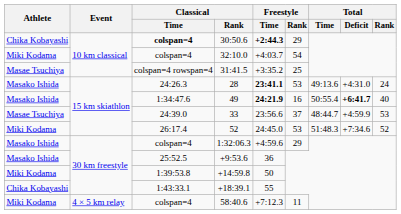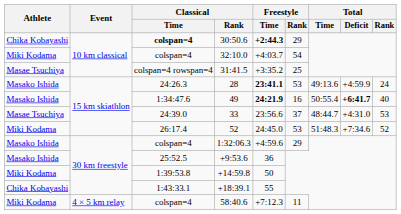 <table class=wikitable style=font-size:90%;text-align:center>
 <tr>
 <th rowspan=2>Athlete</th>
 <th rowspan=2>Event</th>
 <th colspan=2>Classical</th>
 <th colspan=2>Freestyle</th>
 <th colspan=3>Total</th>
 </tr>
 <tr style=font-size:95%>
 <th>Time</th>
 <th>Rank</th>
 <th>Time</th>
 <th>Rank</th>
 <th>Time</th>
 <th>Deficit</th>
 <th>Rank</th>
 </tr>
 <tr align=center>
 <td align=left><a href='#'>Chika Kobayashi</a></td>
 <td align=left rowspan=3><a href='#'>10 km classical</a></td>
 <td><strong>colspan=4</strong></td>
 <td>30:50.6</td>
 <td><strong>+2:44.3</strong></td>
 <td>29</td>
 </tr>
 <tr>
 <td align=left><a href='#'>Miki Kodama</a></td>
 <td>colspan=4</td>
 <td>32:10.0</td>
 <td>+4:03.7</td>
 <td>54</td>
 </tr>
 <tr>
 <td align=left><a href='#'>Masae Tsuchiya</a></td>
 <td>colspan=4 rowspan=4 </td>
 <td>31:41.5</td>
 <td>+3:35.2</td>
 <td>25</td>
 </tr>
 <tr>
 <td align=left><a href='#'>Masako Ishida</a></td>
 <td align=left rowspan=4><a href='#'>15 km skiathlon</a></td>
 <td>24:26.3</td>
 <td>28</td>
 <td><strong>23:41.1</strong></td>
 <td>53</td>
 <td>49:13.6</td>
-<td>+4:31.0</td>
+<td>+4:59.9</td>
 <td>24</td>
 </tr>
 <tr>
 <td align=left><a href='#'>Masako Ishida</a></td>
 <td>1:34:47.6</td>
 <td>49</td>
 <td><strong>24:21.9</strong></td>
 <td>16</td>
 <td>50:55.4</td>
 <td><strong>+6:41.7</strong></td>
 <td>40</td>
 </tr>
 <tr>
 <td align=left><a href='#'>Masae Tsuchiya</a></td>
 <td>24:39.0</td>
 <td>33</td>
 <td>23:56.6</td>
 <td>37</td>
 <td>48:44.7</td>
-<td>+4:59.9</td>
+<td>+4:31.0</td>
 <td>53</td>
 </tr>
 <tr>
 <td align=left><a href='#'>Miki Kodama</a></td>
 <td>26:17.4</td>
 <td>52</td>
 <td>24:45.0</td>
 <td>53</td>
 <td>51:48.3</td>
 <td>+7:34.6</td>
 <td>52</td>
 </tr>
 <tr>
 <td align=left><a href='#'>Masako Ishida</a></td>
 <td align=left rowspan=4><a href='#'>30 km freestyle</a></td>
 <td>colspan=4</td>
 <td>1:32:06.3</td>
 <td>+4:59.6</td>
 <td>29</td>
 </tr>
 <tr>
 <td align=left><a href='#'>Masako Ishida</a></td>
 <td>25:52.5</td>
 <td>+9:53.6</td>
 <td>36</td>
 </tr>
 <tr>
 <td align=left><a href='#'>Miki Kodama</a></td>
 <td>1:39:53.8</td>
 <td>+14:59.8</td>
 <td>50</td>
 </tr>
 <tr>
 <td align=left><a href='#'>Chika Kobayashi</a></td>
 <td>1:43:33.1</td>
 <td>+18:39.1</td>
 <td>55</td>
 </tr>
 <tr>
 <td align=left><a href='#'>Miki Kodama</a></td>
 <td align=left><a href='#'>4 × 5 km relay</a></td>
 <td>colspan=4 </td>
 <td>58:40.6</td>
 <td>+7:12.3</td>
 <td>11</td>
 </tr>
 </table>
